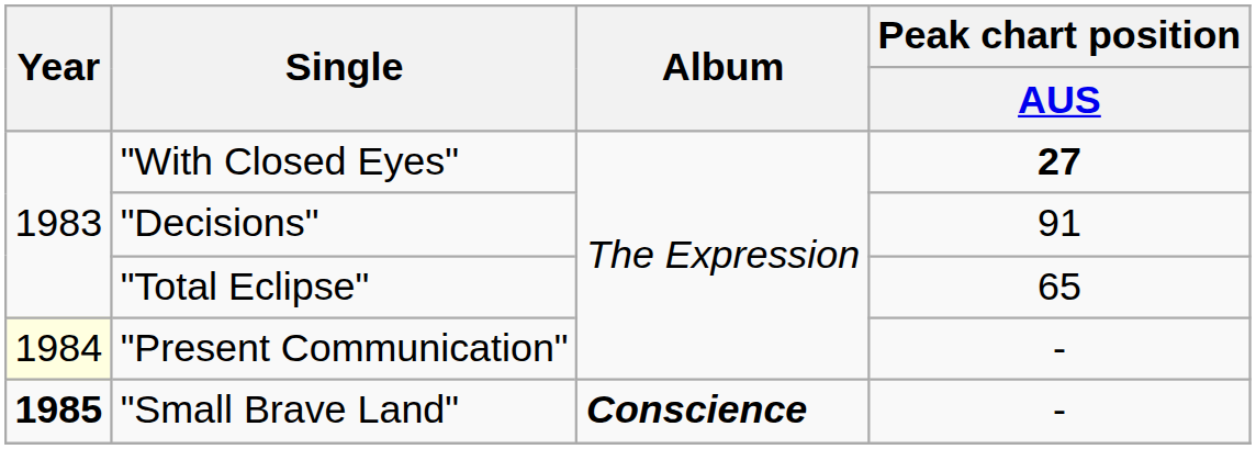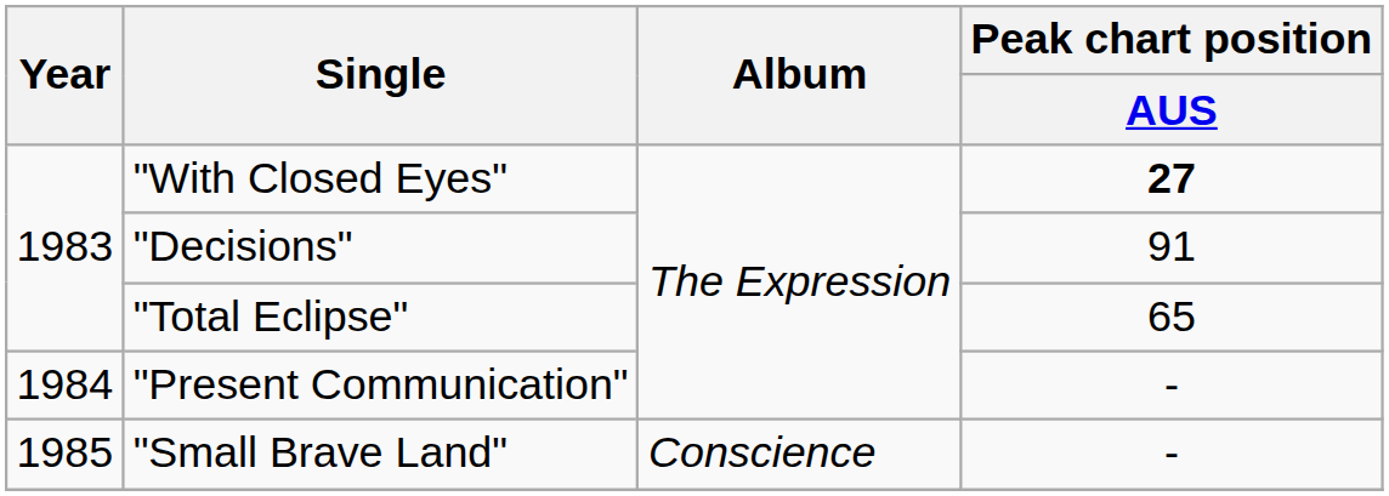 <table class="wikitable">
 <tr>
 <th rowspan="2">Year</th>
 <th rowspan="2">Single</th>
 <th rowspan="2">Album</th>
 <th colspan="1">Peak chart position</th>
 </tr>
 <tr>
 <th><a href='#'>AUS</a></th>
 </tr>
 <tr>
 <td rowspan="3">1983</td>
 <td>"With Closed Eyes"</td>
 <td rowspan="4"><em>The Expression</em></td>
 <td align="center"><strong>27</strong></td>
 </tr>
 <tr>
 <td>"Decisions"</td>
 <td align="center">91</td>
 </tr>
 <tr>
 <td>"Total Eclipse"</td>
 <td align="center">65</td>
 </tr>
 <tr>
-<td rowspan="1" style="background: lightyellow;">1984</td>
+<td rowspan="1">1984</td>
 <td>"Present Communication"</td>
 <td align="center">-</td>
 </tr>
 <tr>
-<td rowspan="1"><strong>1985</strong></td>
+<td rowspan="1">1985</td>
 <td>"Small Brave Land"</td>
-<td rowspan="1"><strong><em>Conscience</em></strong></td>
+<td rowspan="1"><em>Conscience</em></td>
 <td align="center">-</td>
 </tr>
 <tr>
 </tr>
 </table>
